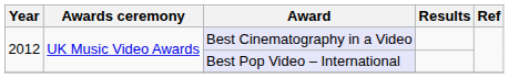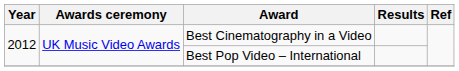 <table class="wikitable">
 <tr>
 <th>Year</th>
 <th>Awards ceremony</th>
 <th>Award</th>
 <th>Results</th>
 <th>Ref</th>
 </tr>
 <tr>
 <td rowspan="2">2012</td>
 <td rowspan="2"><a href='#'>UK Music Video Awards</a></td>
-<td style="background: lavender;">Best Cinematography in a Video</td>
+<td>Best Cinematography in a Video</td>
 <td></td>
 <td rowspan="2"><div></div></td>
 </tr>
 <tr>
-<td style="background: lavender;">Best Pop Video – International</td>
+<td>Best Pop Video – International</td>
 <td></td>
 </tr>
 <tr>
 </tr>
 </table>
